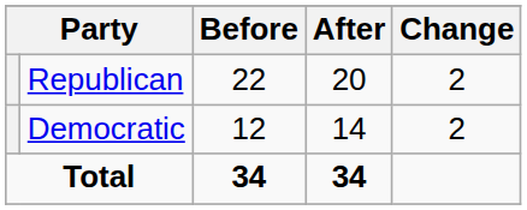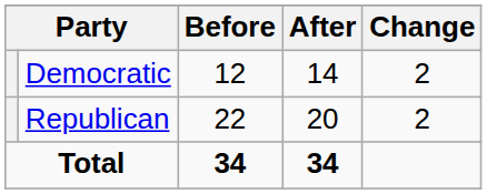 <table class="wikitable" style="text-align:center;">
 <tr>
 </tr>
 <tr>
 <th colspan=2>Party</th>
 <th>Before</th>
 <th>After</th>
 <th>Change</th>
 </tr>
 <tr>
 <th style="background-color:"></th>
-<td style="text-align:left;"><a href='#'>Republican</a></td>
-<td>22</td>
-<td>20</td>
+<td style="text-align:left;"><a href='#'>Democratic</a></td>
+<td>12</td>
+<td>14</td>
 <td> 2</td>
 </tr>
 <tr>
 <th style="background-color:"></th>
-<td style="text-align:left;"><a href='#'>Democratic</a></td>
-<td>12</td>
-<td>14</td>
+<td style="text-align:left;"><a href='#'>Republican</a></td>
+<td>22</td>
+<td>20</td>
 <td> 2</td>
 </tr>
 <tr>
 <td colspan=2><strong>Total</strong></td>
 <td><strong>34</strong></td>
 <td><strong>34</strong></td>
 <td></td>
 </tr>
 </table>
